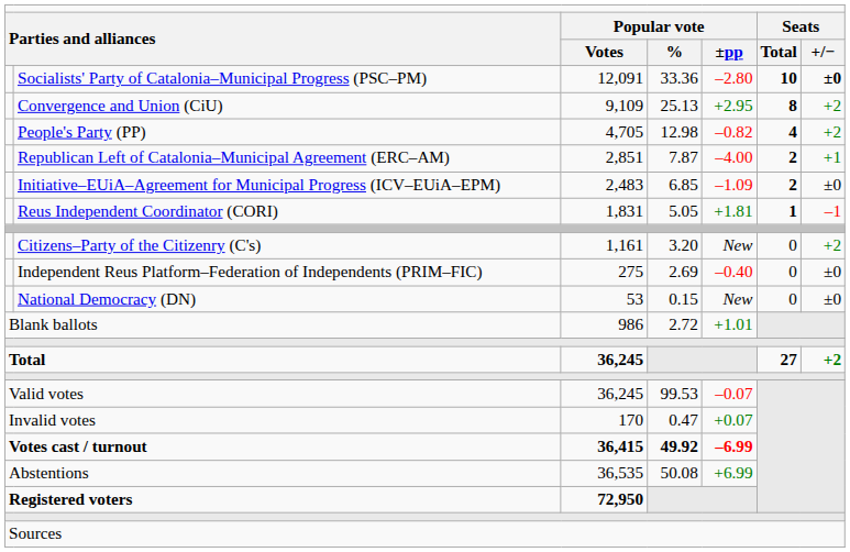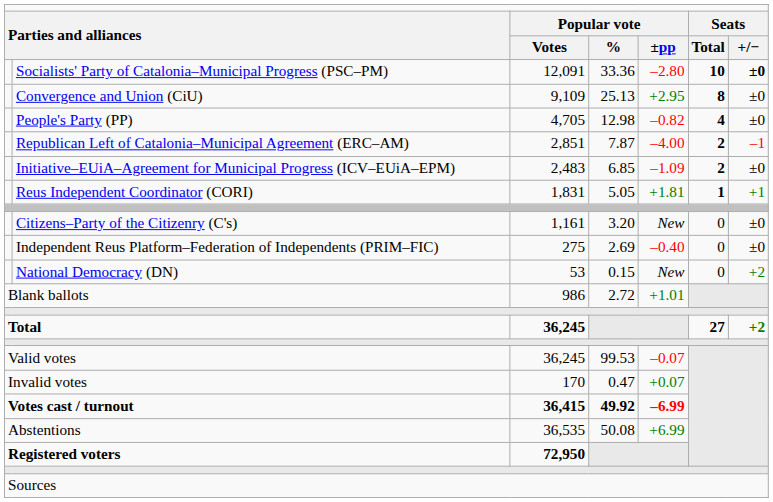 <table class="wikitable" style="text-align:right;">
 <tr>
 <td colspan="7"></td>
 </tr>
 <tr>
 <th style="text-align:left;" rowspan="2" colspan="2" width="525">Parties and alliances</th>
 <th colspan="3">Popular vote</th>
 <th colspan="2">Seats</th>
 </tr>
 <tr>
 <th width="75">Votes</th>
 <th width="45">%</th>
 <th width="45">±<a href='#'>pp</a></th>
 <th width="35">Total</th>
 <th width="35">+/−</th>
 </tr>
 <tr>
 <td width="1" style="color:inherit;background:"></td>
 <td align="left"><a href='#'>Socialists' Party of Catalonia–Municipal Progress</a> (PSC–PM)</td>
 <td>12,091</td>
 <td>33.36</td>
 <td style="color:red;">–2.80</td>
 <td><strong>10</strong></td>
 <td><strong>±0</strong></td>
 </tr>
 <tr>
 <td style="color:inherit;background:"></td>
 <td align="left"><a href='#'>Convergence and Union</a> (CiU)</td>
 <td>9,109</td>
 <td>25.13</td>
 <td style="color:green;">+2.95</td>
 <td><strong>8</strong></td>
-<td style="color:green;">+2</td>
+<td>±0</td>
 </tr>
 <tr>
 <td style="color:inherit;background:"></td>
 <td align="left"><a href='#'>People's Party</a> (PP)</td>
 <td>4,705</td>
 <td>12.98</td>
 <td style="color:red;">–0.82</td>
 <td><strong>4</strong></td>
-<td style="color:green;">+2</td>
+<td>±0</td>
 </tr>
 <tr>
 <td style="color:inherit;background:"></td>
 <td align="left"><a href='#'>Republican Left of Catalonia–Municipal Agreement</a> (ERC–AM)</td>
 <td>2,851</td>
 <td>7.87</td>
 <td style="color:red;">–4.00</td>
 <td><strong>2</strong></td>
-<td style="color:green;">+1</td>
+<td style="color:red;">–1</td>
 </tr>
 <tr>
 <td style="color:inherit;background:"></td>
 <td align="left"><a href='#'>Initiative–EUiA–Agreement for Municipal Progress</a> (ICV–EUiA–EPM)</td>
 <td>2,483</td>
 <td>6.85</td>
 <td style="color:red;">–1.09</td>
 <td><strong>2</strong></td>
 <td>±0</td>
 </tr>
 <tr>
 <td style="color:inherit;background:"></td>
 <td align="left"><a href='#'>Reus Independent Coordinator</a> (CORI)</td>
 <td>1,831</td>
 <td>5.05</td>
 <td style="color:green;">+1.81</td>
 <td><strong>1</strong></td>
-<td style="color:red;">–1</td>
+<td style="color:green;">+1</td>
 </tr>
 <tr>
 <td colspan="7" style="color:inherit;background:#C0C0C0"></td>
 </tr>
 <tr>
 <td style="color:inherit;background:"></td>
 <td align="left"><a href='#'>Citizens–Party of the Citizenry</a> (C's)</td>
 <td>1,161</td>
 <td>3.20</td>
 <td><em>New</em></td>
 <td>0</td>
-<td style="color:green;">+2</td>
+<td>±0</td>
 </tr>
 <tr>
 <td style="color:inherit;background:"></td>
 <td align="left">Independent Reus Platform–Federation of Independents (PRIM–FIC)</td>
 <td>275</td>
 <td>2.69</td>
 <td style="color:red;">–0.40</td>
 <td>0</td>
 <td>±0</td>
 </tr>
 <tr>
 <td style="color:inherit;background:"></td>
 <td align="left"><a href='#'>National Democracy</a> (DN)</td>
 <td>53</td>
 <td>0.15</td>
 <td><em>New</em></td>
 <td>0</td>
-<td>±0</td>
+<td style="color:green;">+2</td>
 </tr>
 <tr>
 <td align="left" colspan="2">Blank ballots</td>
 <td>986</td>
 <td>2.72</td>
 <td style="color:green;">+1.01</td>
 <td style="color:inherit;background:#E9E9E9" colspan="2"></td>
 </tr>
 <tr>
 <td colspan="7" style="color:inherit;background:#E9E9E9"></td>
 </tr>
 <tr style="font-weight:bold;">
 <td align="left" colspan="2">Total</td>
 <td>36,245</td>
 <td bgcolor="#E9E9E9" colspan="2"></td>
 <td>27</td>
 <td style="color:green;">+2</td>
 </tr>
 <tr>
 <td colspan="7" style="color:inherit;background:#E9E9E9"></td>
 </tr>
 <tr>
 <td align="left" colspan="2">Valid votes</td>
 <td>36,245</td>
 <td>99.53</td>
 <td style="color:red;">–0.07</td>
 <td bgcolor="#E9E9E9" colspan="2" rowspan="5"></td>
 </tr>
 <tr>
 <td align="left" colspan="2">Invalid votes</td>
 <td>170</td>
 <td>0.47</td>
 <td style="color:green;">+0.07</td>
 </tr>
 <tr style="font-weight:bold;">
 <td align="left" colspan="2">Votes cast / turnout</td>
 <td>36,415</td>
 <td>49.92</td>
 <td style="color:red;">–6.99</td>
 </tr>
 <tr>
 <td align="left" colspan="2">Abstentions</td>
 <td>36,535</td>
 <td>50.08</td>
 <td style="color:green;">+6.99</td>
 </tr>
 <tr style="font-weight:bold;">
 <td align="left" colspan="2">Registered voters</td>
 <td>72,950</td>
 <td bgcolor="#E9E9E9" colspan="2"></td>
 </tr>
 <tr>
 <td colspan="7" style="color:inherit;background:#E9E9E9"></td>
 </tr>
 <tr>
 <td align="left" colspan="7">Sources</td>
 </tr>
 </table>
